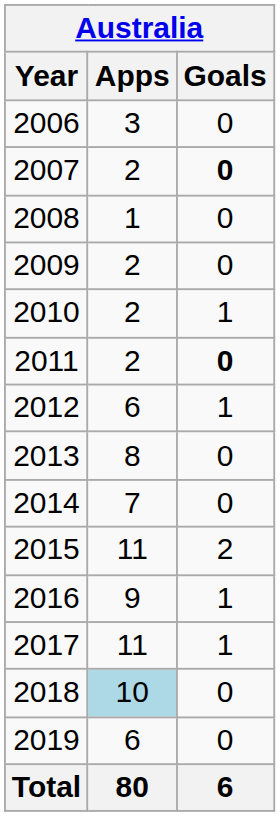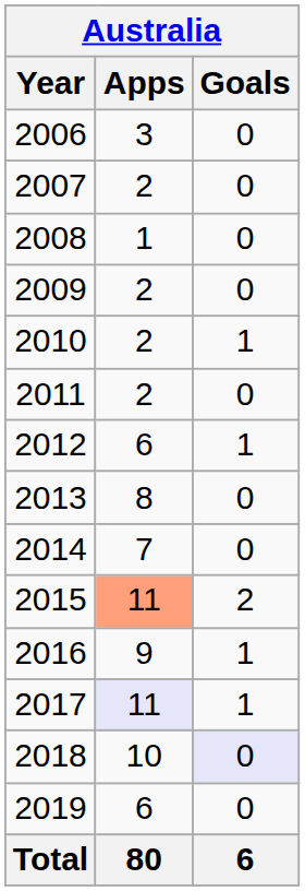 <table class="wikitable" style="text-align:center">
 <tr>
 <th colspan=3><a href='#'>Australia</a></th>
 </tr>
 <tr>
 <th>Year</th>
 <th>Apps</th>
 <th>Goals</th>
 </tr>
 <tr>
 <td>2006</td>
 <td>3</td>
 <td>0</td>
 </tr>
 <tr>
 <td>2007</td>
 <td>2</td>
-<td><strong>0</strong></td>
+<td>0</td>
 </tr>
 <tr>
 <td>2008</td>
 <td>1</td>
 <td>0</td>
 </tr>
 <tr>
 <td>2009</td>
 <td>2</td>
 <td>0</td>
 </tr>
 <tr>
 <td>2010</td>
 <td>2</td>
 <td>1</td>
 </tr>
 <tr>
 <td>2011</td>
 <td>2</td>
-<td><strong>0</strong></td>
+<td>0</td>
 </tr>
 <tr>
 <td>2012</td>
 <td>6</td>
 <td>1</td>
 </tr>
 <tr>
 <td>2013</td>
 <td>8</td>
 <td>0</td>
 </tr>
 <tr>
 <td>2014</td>
 <td>7</td>
 <td>0</td>
 </tr>
 <tr>
 <td>2015</td>
-<td>11</td>
+<td style="background: lightsalmon;">11</td>
 <td>2</td>
 </tr>
 <tr>
 <td>2016</td>
 <td>9</td>
 <td>1</td>
 </tr>
 <tr>
 <td>2017</td>
-<td>11</td>
+<td style="background: lavender;">11</td>
 <td>1</td>
 </tr>
 <tr>
 <td>2018</td>
-<td style="background: lightblue;">10</td>
-<td>0</td>
+<td>10</td>
+<td style="background: lavender;">0</td>
 </tr>
 <tr>
 <td>2019</td>
 <td>6</td>
 <td>0</td>
 </tr>
 <tr>
 <th>Total</th>
 <th>80</th>
 <th>6</th>
 </tr>
 </table>
